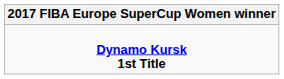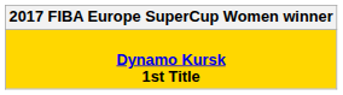 <table class=wikitable style="text-align:center; margin:auto">
 <tr>
 <th>2017 FIBA Europe SuperCup Women winner</th>
 </tr>
 <tr>
-<td><br> <strong><a href='#'>Dynamo Kursk</a></strong> <br> <strong>1st Title</strong></td>
+<td style="background: gold;"><br> <strong><a href='#'>Dynamo Kursk</a></strong> <br> <strong>1st Title</strong></td>
 </tr>
 </table>
